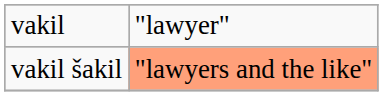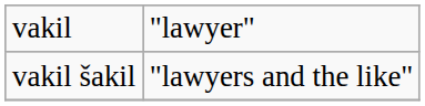 <table class=wikitable>
 <tr>
 <td>vakil</td>
 <td>"lawyer"</td>
 </tr>
 <tr>
 <td>vakil šakil</td>
-<td style="background: lightsalmon;">"lawyers and the like"</td>
+<td>"lawyers and the like"</td>
 </tr>
 <tr>
 </tr>
 </table>
